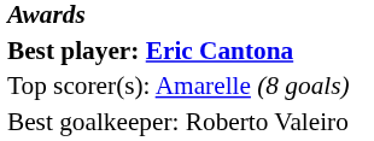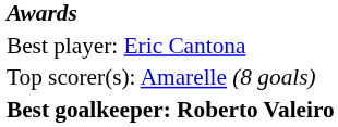 <table width=100% cellspacing=1 style="font-size: 90%;">
 <tr>
 <td><strong><em>Awards</em></strong></td>
 </tr>
 <tr>
-<td><strong>Best player:  <a href='#'>Eric Cantona</a></strong></td>
+<td>Best player:  <a href='#'>Eric Cantona</a></td>
 </tr>
 <tr>
 <td colspan=4>Top scorer(s):  <a href='#'>Amarelle</a> <em>(8 goals)</em></td>
 </tr>
 <tr>
-<td>Best goalkeeper:  Roberto Valeiro</td>
+<td><strong>Best goalkeeper:  Roberto Valeiro</strong></td>
 </tr>
 </table>
